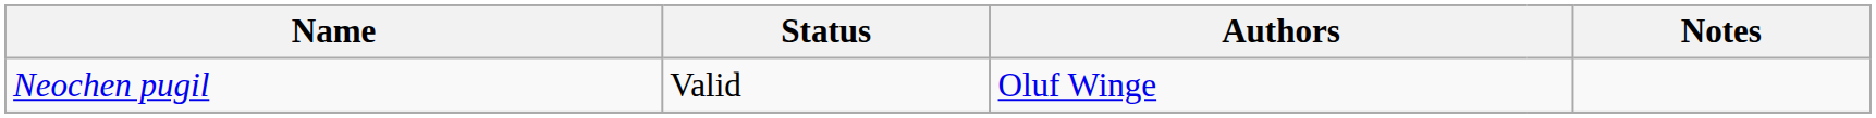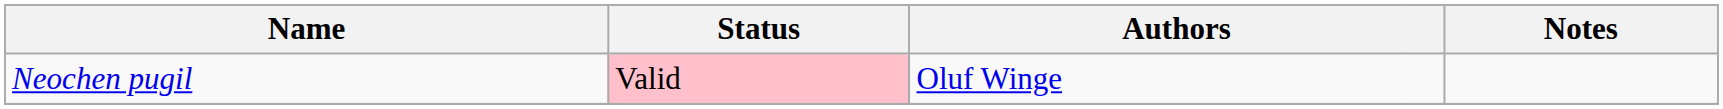 <table class="wikitable sortable" align="center" width="100%">
 <tr>
 <th>Name</th>
 <th>Status</th>
 <th colspan="2">Authors</th>
 <th>Notes</th>
 </tr>
 <tr>
 <td><em><a href='#'>Neochen pugil</a></em></td>
-<td>Valid</td>
+<td style="background: pink;">Valid</td>
 <td style="border-right:0px" valign="top"><a href='#'>Oluf Winge</a></td>
 <td style="border-left:0px" valign="top"></td>
 <td></td>
 </tr>
 <tr>
 </tr>
 </table>
